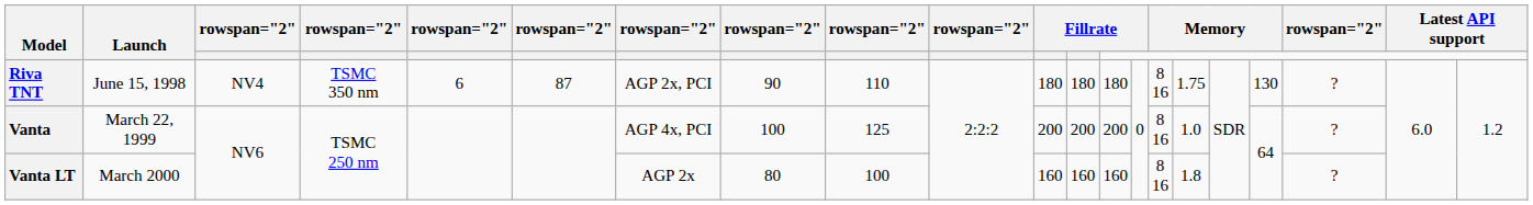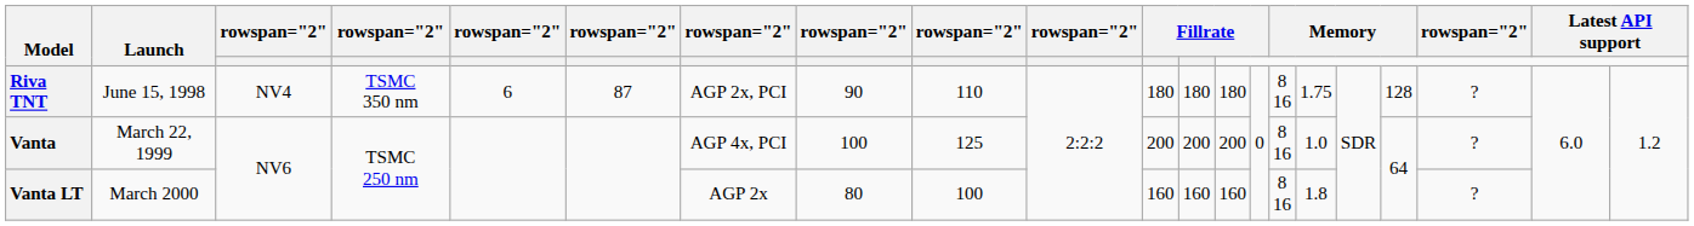 <table class="mw-datatable wikitable sortable" style="font-size:85%; text-align:center;">
 <tr>
 <th rowspan="2" style="vertical-align: bottom">Model</th>
 <th rowspan="2" style="vertical-align: bottom">Launch</th>
 <th>rowspan="2" </th>
 <th>rowspan="2" </th>
 <th>rowspan="2" </th>
 <th>rowspan="2" </th>
 <th>rowspan="2" </th>
 <th>rowspan="2" </th>
 <th>rowspan="2" </th>
 <th>rowspan="2" </th>
 <th colspan="4"><a href='#'>Fillrate</a></th>
 <th colspan="4">Memory</th>
 <th>rowspan="2" </th>
 <th colspan="2">Latest <a href='#'>API</a> support</th>
 </tr>
 <tr>
 <th></th>
 <th></th>
 <th></th>
 <th></th>
 <th></th>
 <th></th>
 <th></th>
 <th></th>
 <th></th>
 <th></th>
 </tr>
 <tr>
 <th style="text-align:left"><a href='#'>Riva TNT</a></th>
 <td>June 15, 1998</td>
 <td>NV4</td>
 <td><a href='#'>TSMC</a> 350 nm</td>
 <td>6</td>
 <td>87</td>
 <td rowspan="1">AGP 2x, PCI</td>
 <td>90</td>
 <td>110</td>
 <td rowspan="7">2:2:2</td>
 <td>180</td>
 <td>180</td>
 <td>180</td>
 <td rowspan="7">0</td>
 <td>8<br>16</td>
 <td>1.75</td>
 <td rowspan="7">SDR</td>
-<td rowspan="1">130</td>
+<td rowspan="1">128</td>
 <td>?</td>
 <td rowspan="7">6.0</td>
 <td rowspan="7">1.2</td>
 </tr>
 <tr>
 <th style="text-align:left">Vanta</th>
 <td>March 22, 1999</td>
 <td rowspan="3">NV6</td>
 <td rowspan="4">TSMC <a href='#'>250 nm</a></td>
 <td rowspan="3"></td>
 <td rowspan="3"></td>
 <td>AGP 4x, PCI</td>
 <td>100</td>
 <td>125</td>
 <td>200</td>
 <td>200</td>
 <td>200</td>
 <td>8<br>16</td>
 <td>1.0</td>
 <td rowspan="3">64</td>
 <td>?</td>
 </tr>
 <tr>
 <th style="text-align:left">Vanta LT</th>
 <td>March 2000</td>
 <td>AGP 2x</td>
 <td>80</td>
 <td>100</td>
 <td>160</td>
 <td>160</td>
 <td>160</td>
 <td>8<br>16</td>
 <td>1.8</td>
 <td>?</td>
 </tr>
 </table>
